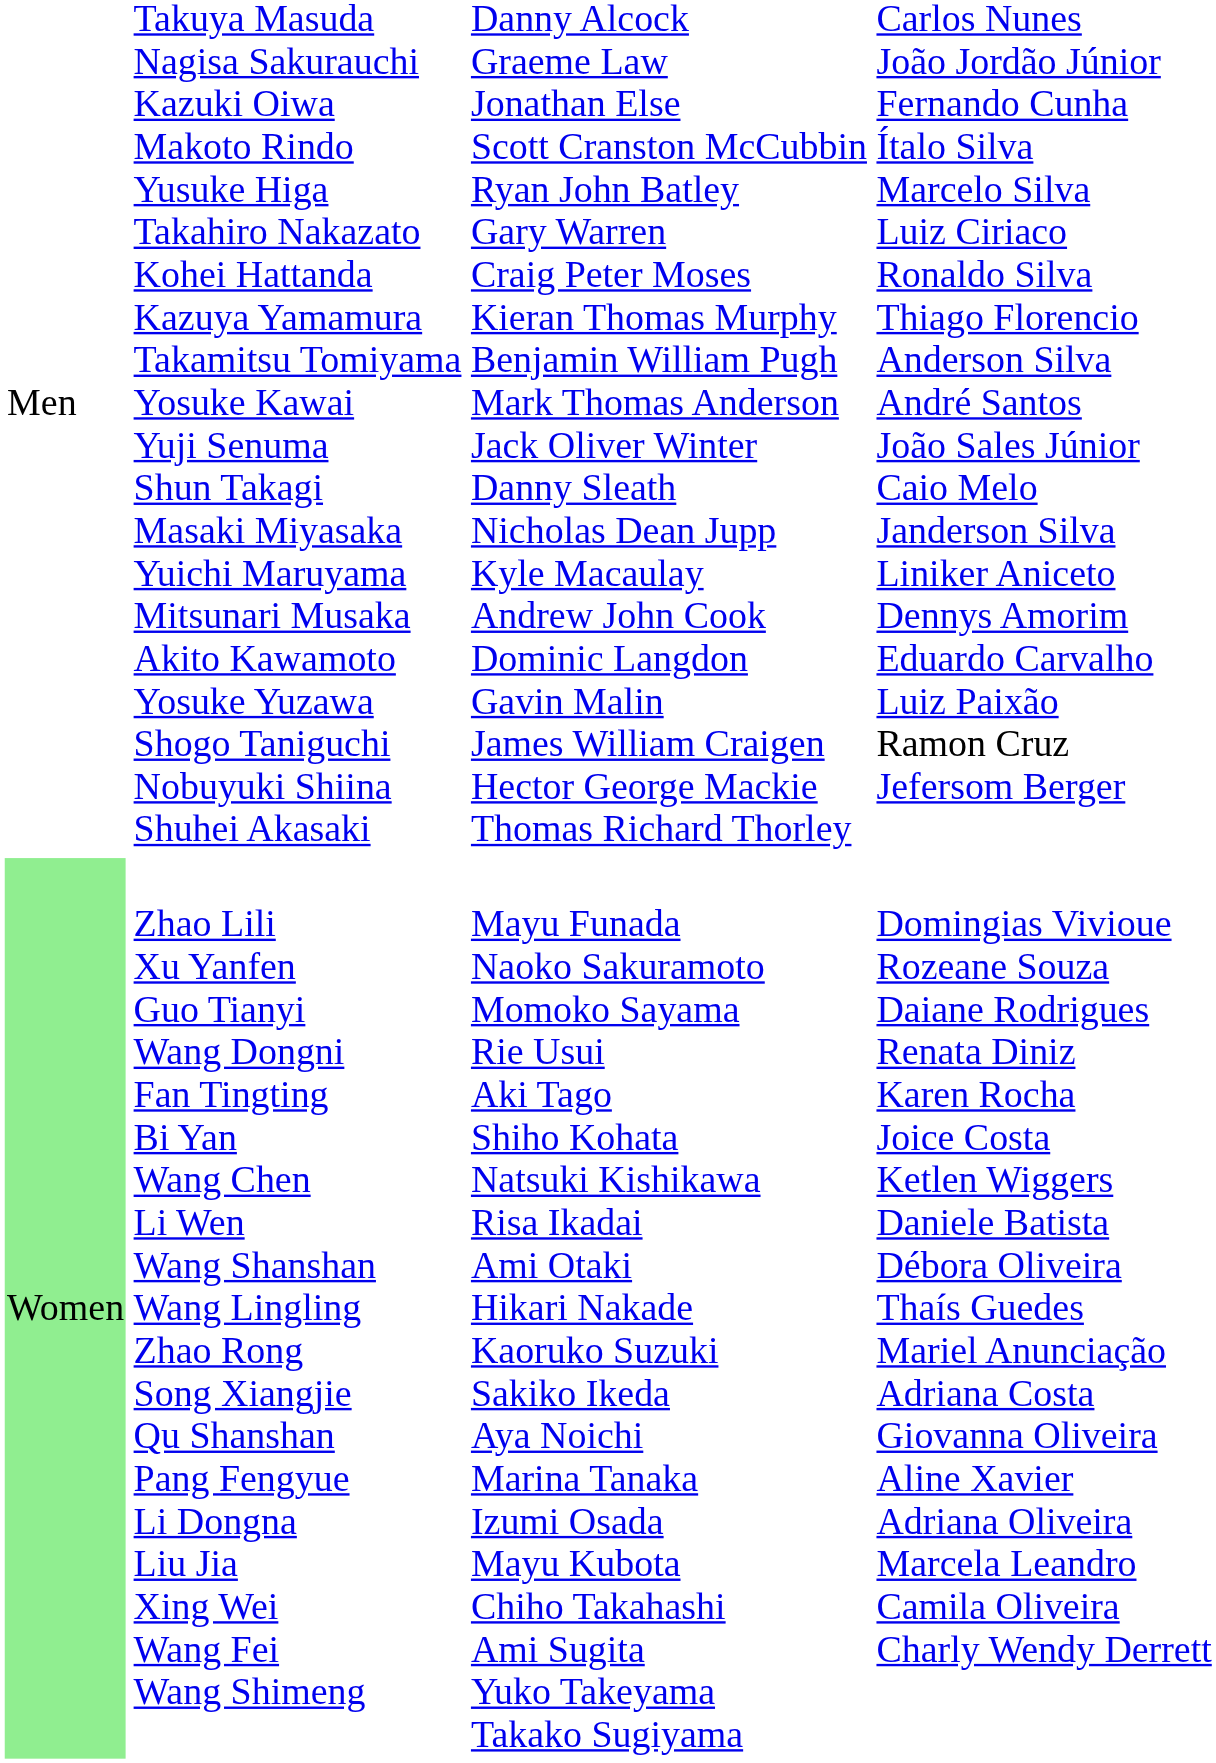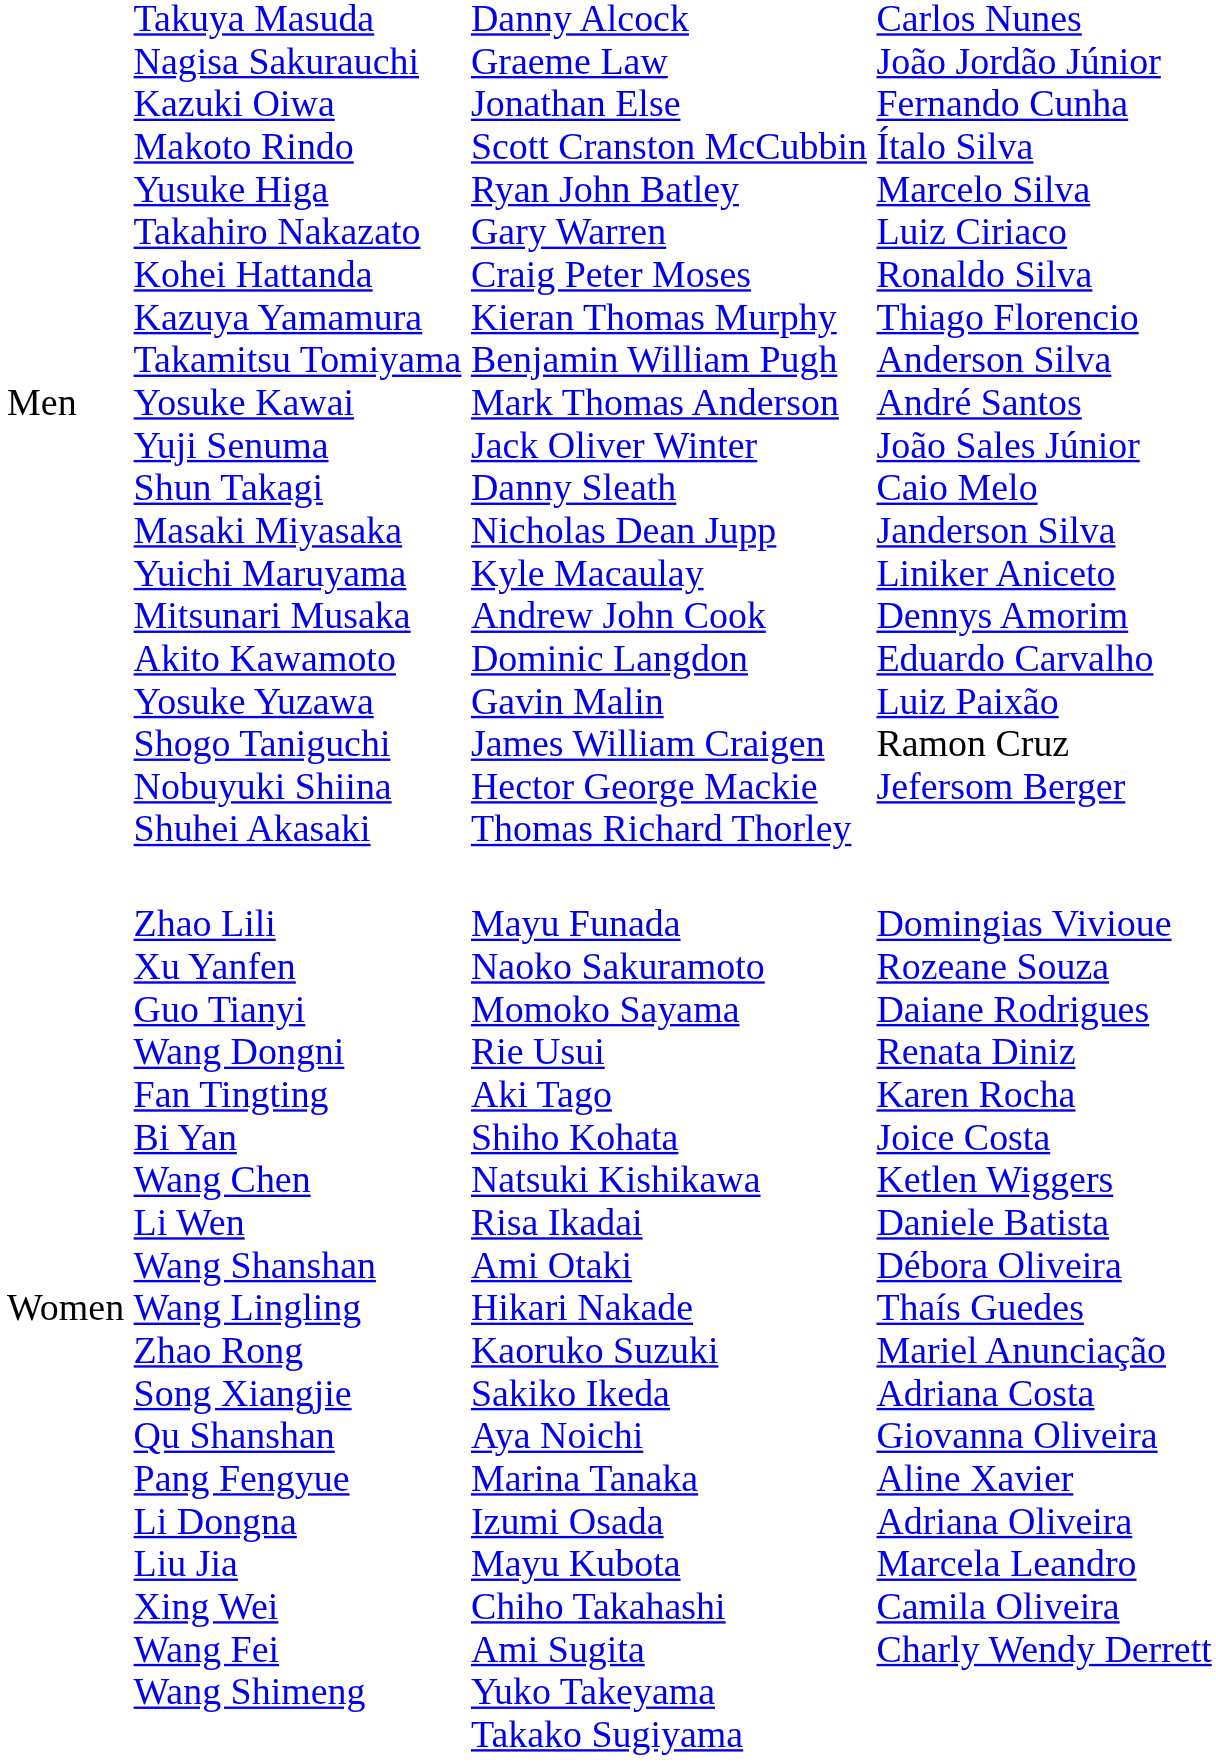 <table>
 <tr>
 <td>Men<br></td>
 <td><br><a href='#'>Takuya Masuda</a><br><a href='#'>Nagisa Sakurauchi</a><br><a href='#'>Kazuki Oiwa</a><br><a href='#'>Makoto Rindo</a><br><a href='#'>Yusuke Higa</a><br><a href='#'>Takahiro Nakazato</a><br><a href='#'>Kohei Hattanda</a><br><a href='#'>Kazuya Yamamura</a><br><a href='#'>Takamitsu Tomiyama</a><br><a href='#'>Yosuke Kawai</a><br><a href='#'>Yuji Senuma</a><br><a href='#'>Shun Takagi</a><br><a href='#'>Masaki Miyasaka</a><br><a href='#'>Yuichi Maruyama</a><br><a href='#'>Mitsunari Musaka</a><br><a href='#'>Akito Kawamoto</a><br><a href='#'>Yosuke Yuzawa</a><br><a href='#'>Shogo Taniguchi</a><br><a href='#'>Nobuyuki Shiina</a><br><a href='#'>Shuhei Akasaki</a></td>
 <td><br><a href='#'>Danny Alcock</a><br><a href='#'>Graeme Law</a><br><a href='#'>Jonathan Else</a><br><a href='#'>Scott Cranston McCubbin</a><br><a href='#'>Ryan John Batley</a><br><a href='#'>Gary Warren</a><br><a href='#'>Craig Peter Moses</a><br><a href='#'>Kieran Thomas Murphy</a><br><a href='#'>Benjamin William Pugh</a><br><a href='#'>Mark Thomas Anderson</a><br><a href='#'>Jack Oliver Winter</a><br><a href='#'>Danny Sleath</a><br><a href='#'>Nicholas Dean Jupp</a><br><a href='#'>Kyle Macaulay</a><br><a href='#'>Andrew John Cook</a><br><a href='#'>Dominic Langdon</a><br><a href='#'>Gavin Malin</a><br><a href='#'>James William Craigen</a><br><a href='#'>Hector George Mackie</a><br><a href='#'>Thomas Richard Thorley</a></td>
 <td><br><a href='#'>Carlos Nunes</a><br><a href='#'>João Jordão Júnior</a><br><a href='#'>Fernando Cunha</a><br><a href='#'>Ítalo Silva</a><br><a href='#'>Marcelo Silva</a><br><a href='#'>Luiz Ciriaco</a><br><a href='#'>Ronaldo Silva</a><br><a href='#'>Thiago Florencio</a><br><a href='#'>Anderson Silva</a><br><a href='#'>André Santos</a><br><a href='#'>João Sales Júnior</a><br><a href='#'>Caio Melo</a><br><a href='#'>Janderson Silva</a><br><a href='#'>Liniker Aniceto</a><br><a href='#'>Dennys Amorim</a><br><a href='#'>Eduardo Carvalho</a><br><a href='#'>Luiz Paixão</a><br>Ramon Cruz<br><a href='#'>Jefersom Berger</a><br><br></td>
 </tr>
 <tr>
-<td style="background: lightgreen;">Women<br></td>
+<td>Women<br></td>
 <td><br><a href='#'>Zhao Lili</a><br><a href='#'>Xu Yanfen</a><br><a href='#'>Guo Tianyi</a><br><a href='#'>Wang Dongni</a><br><a href='#'>Fan Tingting</a><br><a href='#'>Bi Yan</a><br><a href='#'>Wang Chen</a><br><a href='#'>Li Wen</a><br><a href='#'>Wang Shanshan</a><br><a href='#'>Wang Lingling</a><br><a href='#'>Zhao Rong</a><br><a href='#'>Song Xiangjie</a><br><a href='#'>Qu Shanshan</a><br><a href='#'>Pang Fengyue</a><br><a href='#'>Li Dongna</a><br><a href='#'>Liu Jia</a><br><a href='#'>Xing Wei</a><br><a href='#'>Wang Fei</a><br><a href='#'>Wang Shimeng</a><br><br></td>
 <td><br><a href='#'>Mayu Funada</a><br><a href='#'>Naoko Sakuramoto</a><br><a href='#'>Momoko Sayama</a><br><a href='#'>Rie Usui</a><br><a href='#'>Aki Tago</a><br><a href='#'>Shiho Kohata</a><br><a href='#'>Natsuki Kishikawa</a><br><a href='#'>Risa Ikadai</a><br><a href='#'>Ami Otaki</a><br><a href='#'>Hikari Nakade</a><br><a href='#'>Kaoruko Suzuki</a><br><a href='#'>Sakiko Ikeda</a><br><a href='#'>Aya Noichi</a><br><a href='#'>Marina Tanaka</a><br><a href='#'>Izumi Osada</a><br><a href='#'>Mayu Kubota</a><br><a href='#'>Chiho Takahashi</a><br><a href='#'>Ami Sugita</a><br><a href='#'>Yuko Takeyama</a><br><a href='#'>Takako Sugiyama</a></td>
 <td><br><a href='#'>Domingias Vivioue</a><br><a href='#'>Rozeane Souza</a><br><a href='#'>Daiane Rodrigues</a><br><a href='#'>Renata Diniz</a><br><a href='#'>Karen Rocha</a><br><a href='#'>Joice Costa</a><br><a href='#'>Ketlen Wiggers</a><br><a href='#'>Daniele Batista</a><br><a href='#'>Débora Oliveira</a><br><a href='#'>Thaís Guedes</a><br><a href='#'>Mariel Anunciação</a><br><a href='#'>Adriana Costa</a><br><a href='#'>Giovanna Oliveira</a><br><a href='#'>Aline Xavier</a><br><a href='#'>Adriana Oliveira</a><br><a href='#'>Marcela Leandro</a><br><a href='#'>Camila Oliveira</a><br><a href='#'>Charly Wendy Derrett</a><br><br><br></td>
 </tr>
 </table>
